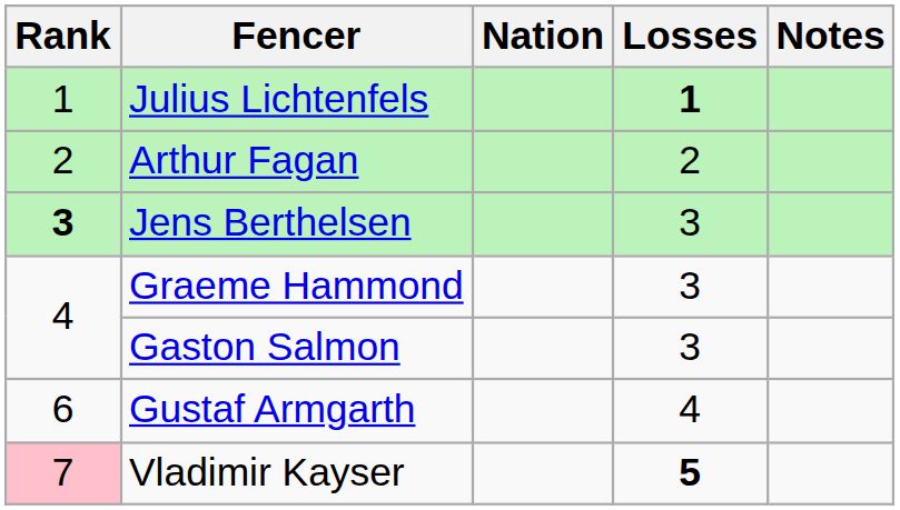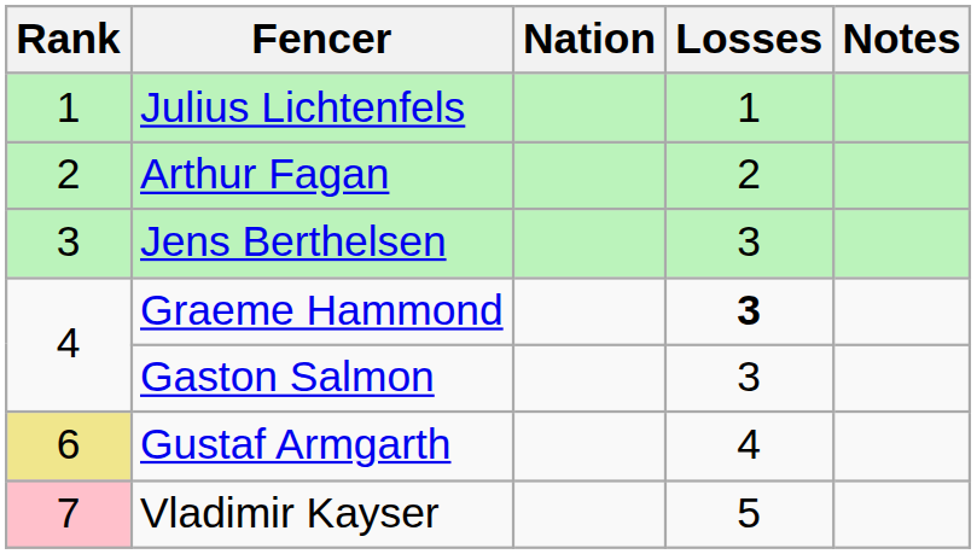 <table class="wikitable sortable" style="text-align:center">
 <tr>
 <th>Rank</th>
 <th>Fencer</th>
 <th>Nation</th>
 <th>Losses</th>
 <th>Notes</th>
 </tr>
 <tr bgcolor=bbf3bb>
 <td>1</td>
 <td align=left><a href='#'>Julius Lichtenfels</a></td>
 <td align=left></td>
-<td><strong>1</strong></td>
+<td>1</td>
 <td></td>
 </tr>
 <tr bgcolor=bbf3bb>
 <td>2</td>
 <td align=left><a href='#'>Arthur Fagan</a></td>
 <td align=left></td>
 <td>2</td>
 <td></td>
 </tr>
 <tr bgcolor=bbf3bb>
-<td><strong>3</strong></td>
+<td>3</td>
 <td align=left><a href='#'>Jens Berthelsen</a></td>
 <td align=left></td>
 <td>3</td>
 <td></td>
 </tr>
 <tr>
 <td rowspan=2>4</td>
 <td align=left><a href='#'>Graeme Hammond</a></td>
 <td align=left></td>
-<td>3</td>
+<td><strong>3</strong></td>
 <td></td>
 </tr>
 <tr>
 <td align=left><a href='#'>Gaston Salmon</a></td>
 <td align=left></td>
 <td>3</td>
 <td></td>
 </tr>
 <tr>
-<td>6</td>
+<td style="background: khaki;">6</td>
 <td align=left><a href='#'>Gustaf Armgarth</a></td>
 <td align=left></td>
 <td>4</td>
 <td></td>
 </tr>
 <tr>
 <td style="background: pink;">7</td>
 <td align=left>Vladimir Kayser</td>
 <td align=left></td>
-<td><strong>5</strong></td>
+<td>5</td>
 <td></td>
 </tr>
 </table>
